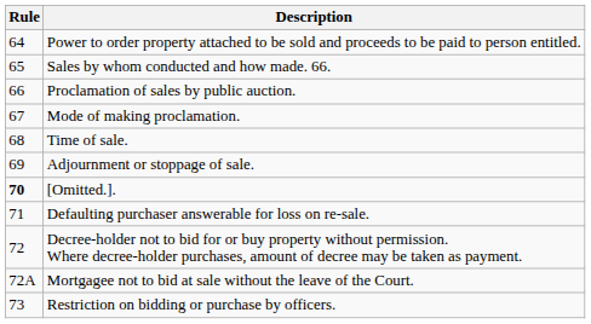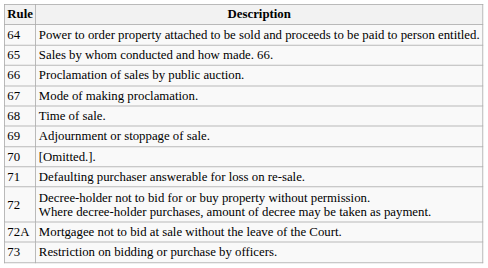 <table class="wikitable">
 <tr>
 <th>Rule</th>
 <th>Description</th>
 </tr>
 <tr>
 <td>64</td>
 <td>Power to order property attached to be sold and proceeds to be paid to person entitled.</td>
 </tr>
 <tr>
 <td>65</td>
 <td>Sales by whom conducted and how made. 66.</td>
 </tr>
 <tr>
 <td>66</td>
 <td>Proclamation of sales by public auction.</td>
 </tr>
 <tr>
 <td>67</td>
 <td>Mode of making proclamation.</td>
 </tr>
 <tr>
 <td>68</td>
 <td>Time of sale.</td>
 </tr>
 <tr>
 <td>69</td>
 <td>Adjournment or stoppage of sale.</td>
 </tr>
 <tr>
-<td><strong>70</strong></td>
+<td>70</td>
 <td>[Omitted.].</td>
 </tr>
 <tr>
 <td>71</td>
 <td>Defaulting purchaser answerable for loss on re-sale.</td>
 </tr>
 <tr>
 <td>72</td>
 <td>Decree-holder not to bid for or buy property without permission.<br>Where decree-holder purchases, amount of decree may be taken as payment.</td>
 </tr>
 <tr>
 <td>72A</td>
 <td>Mortgagee not to bid at sale without the leave of the Court.</td>
 </tr>
 <tr>
 <td>73</td>
 <td>Restriction on bidding or purchase by officers.</td>
 </tr>
 </table>
